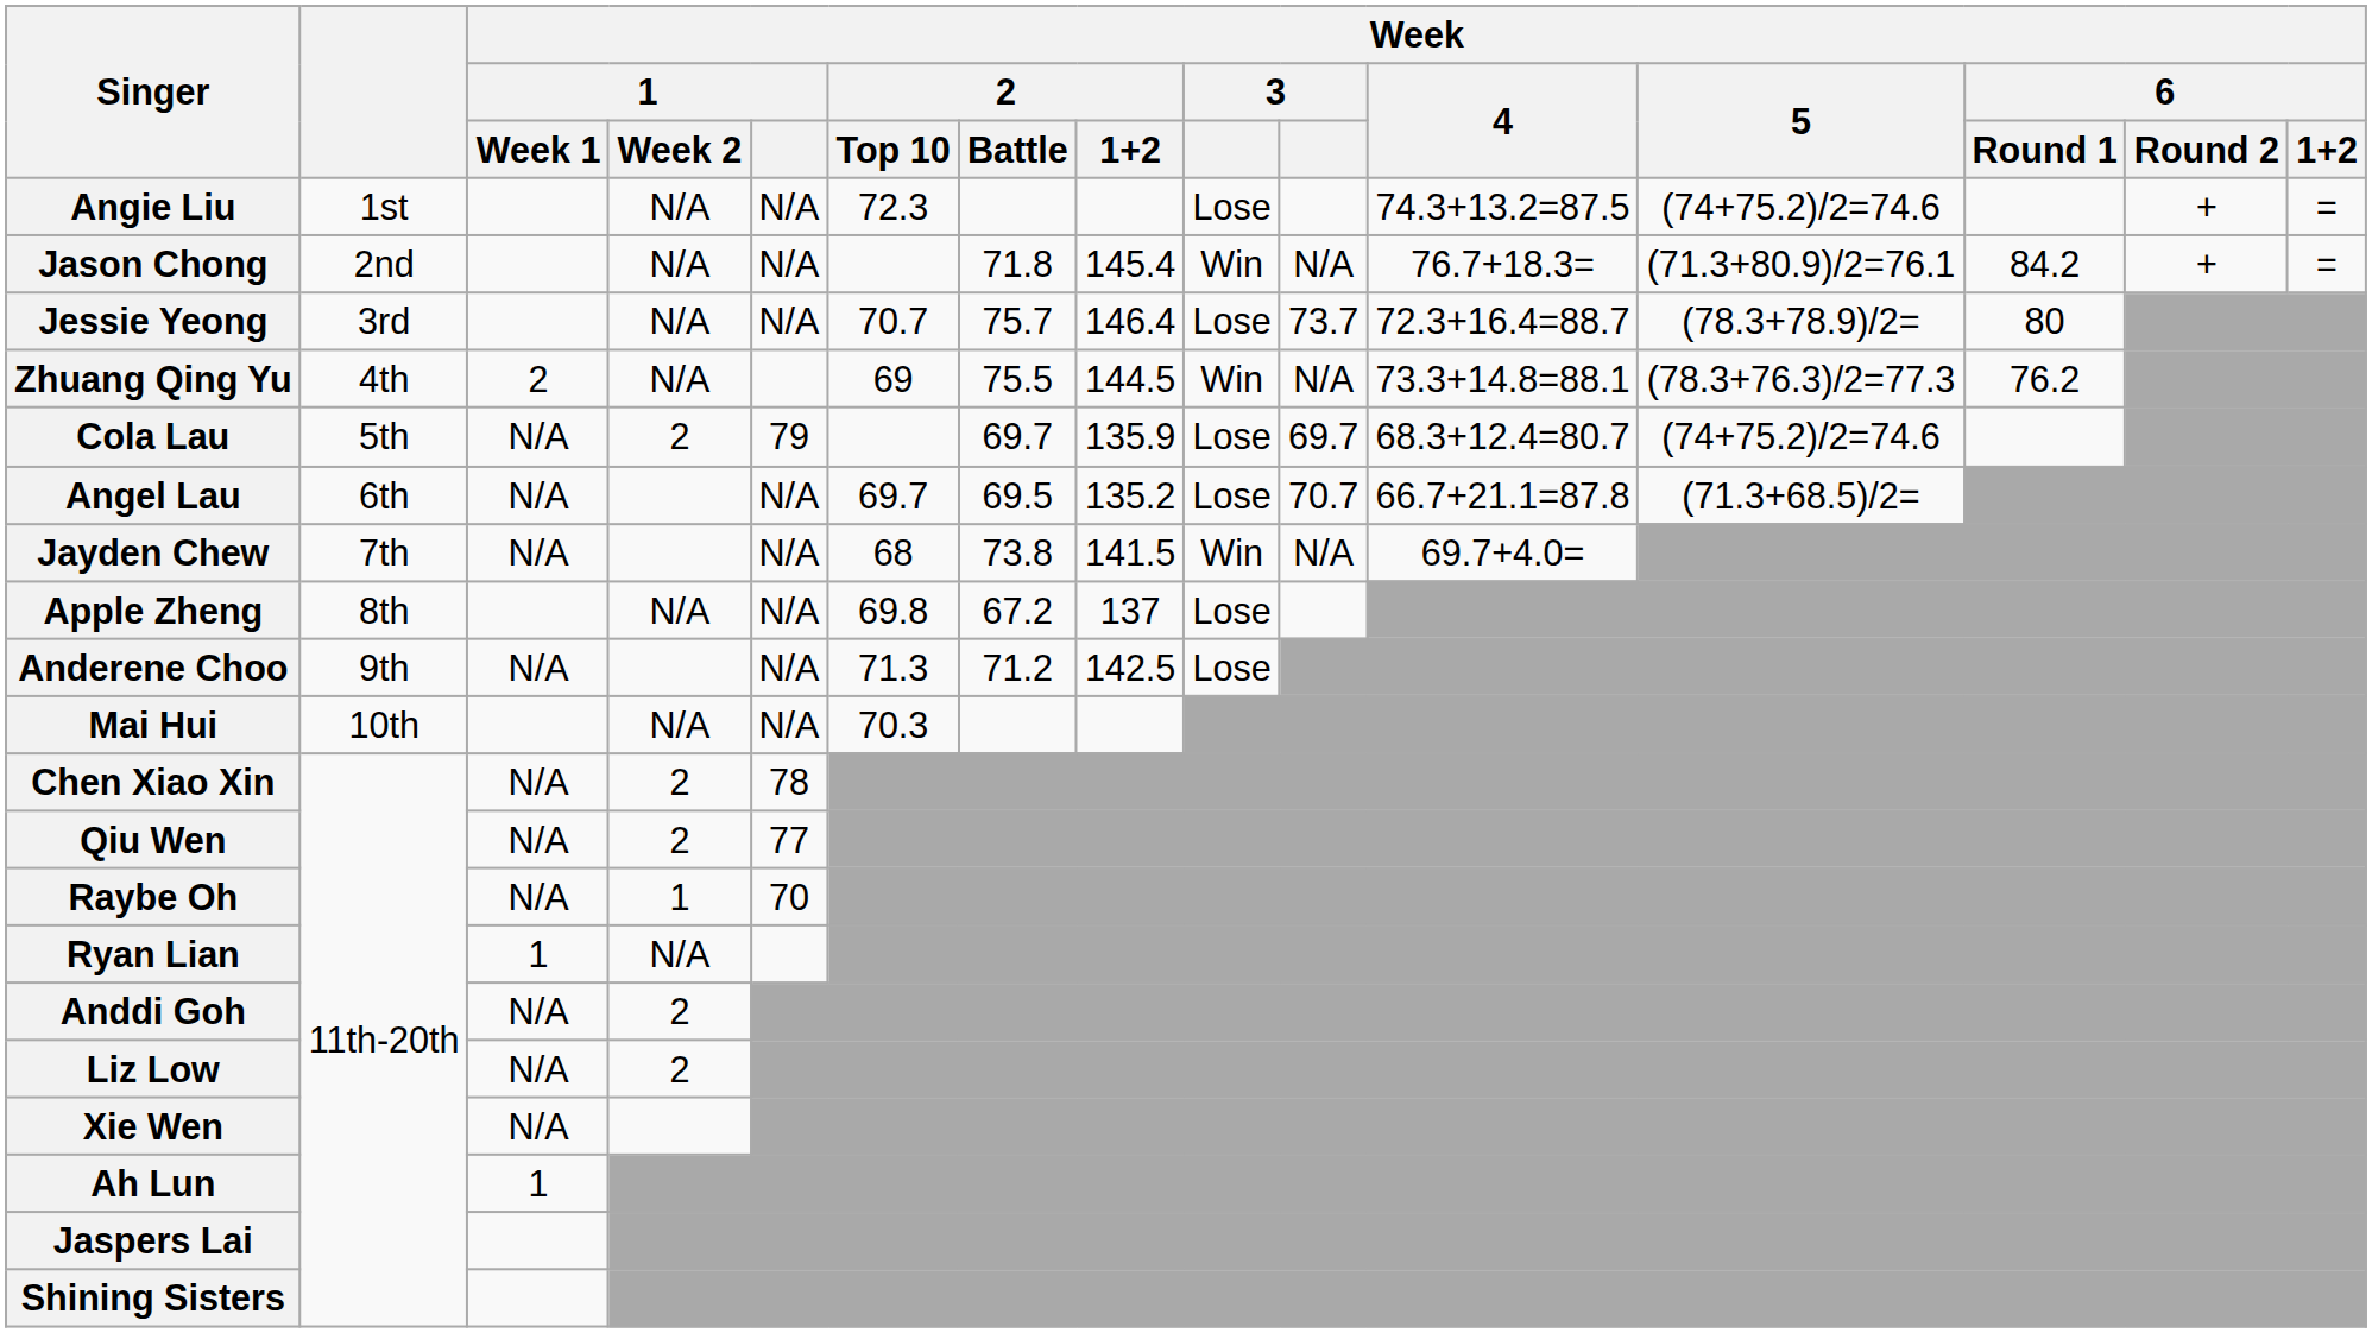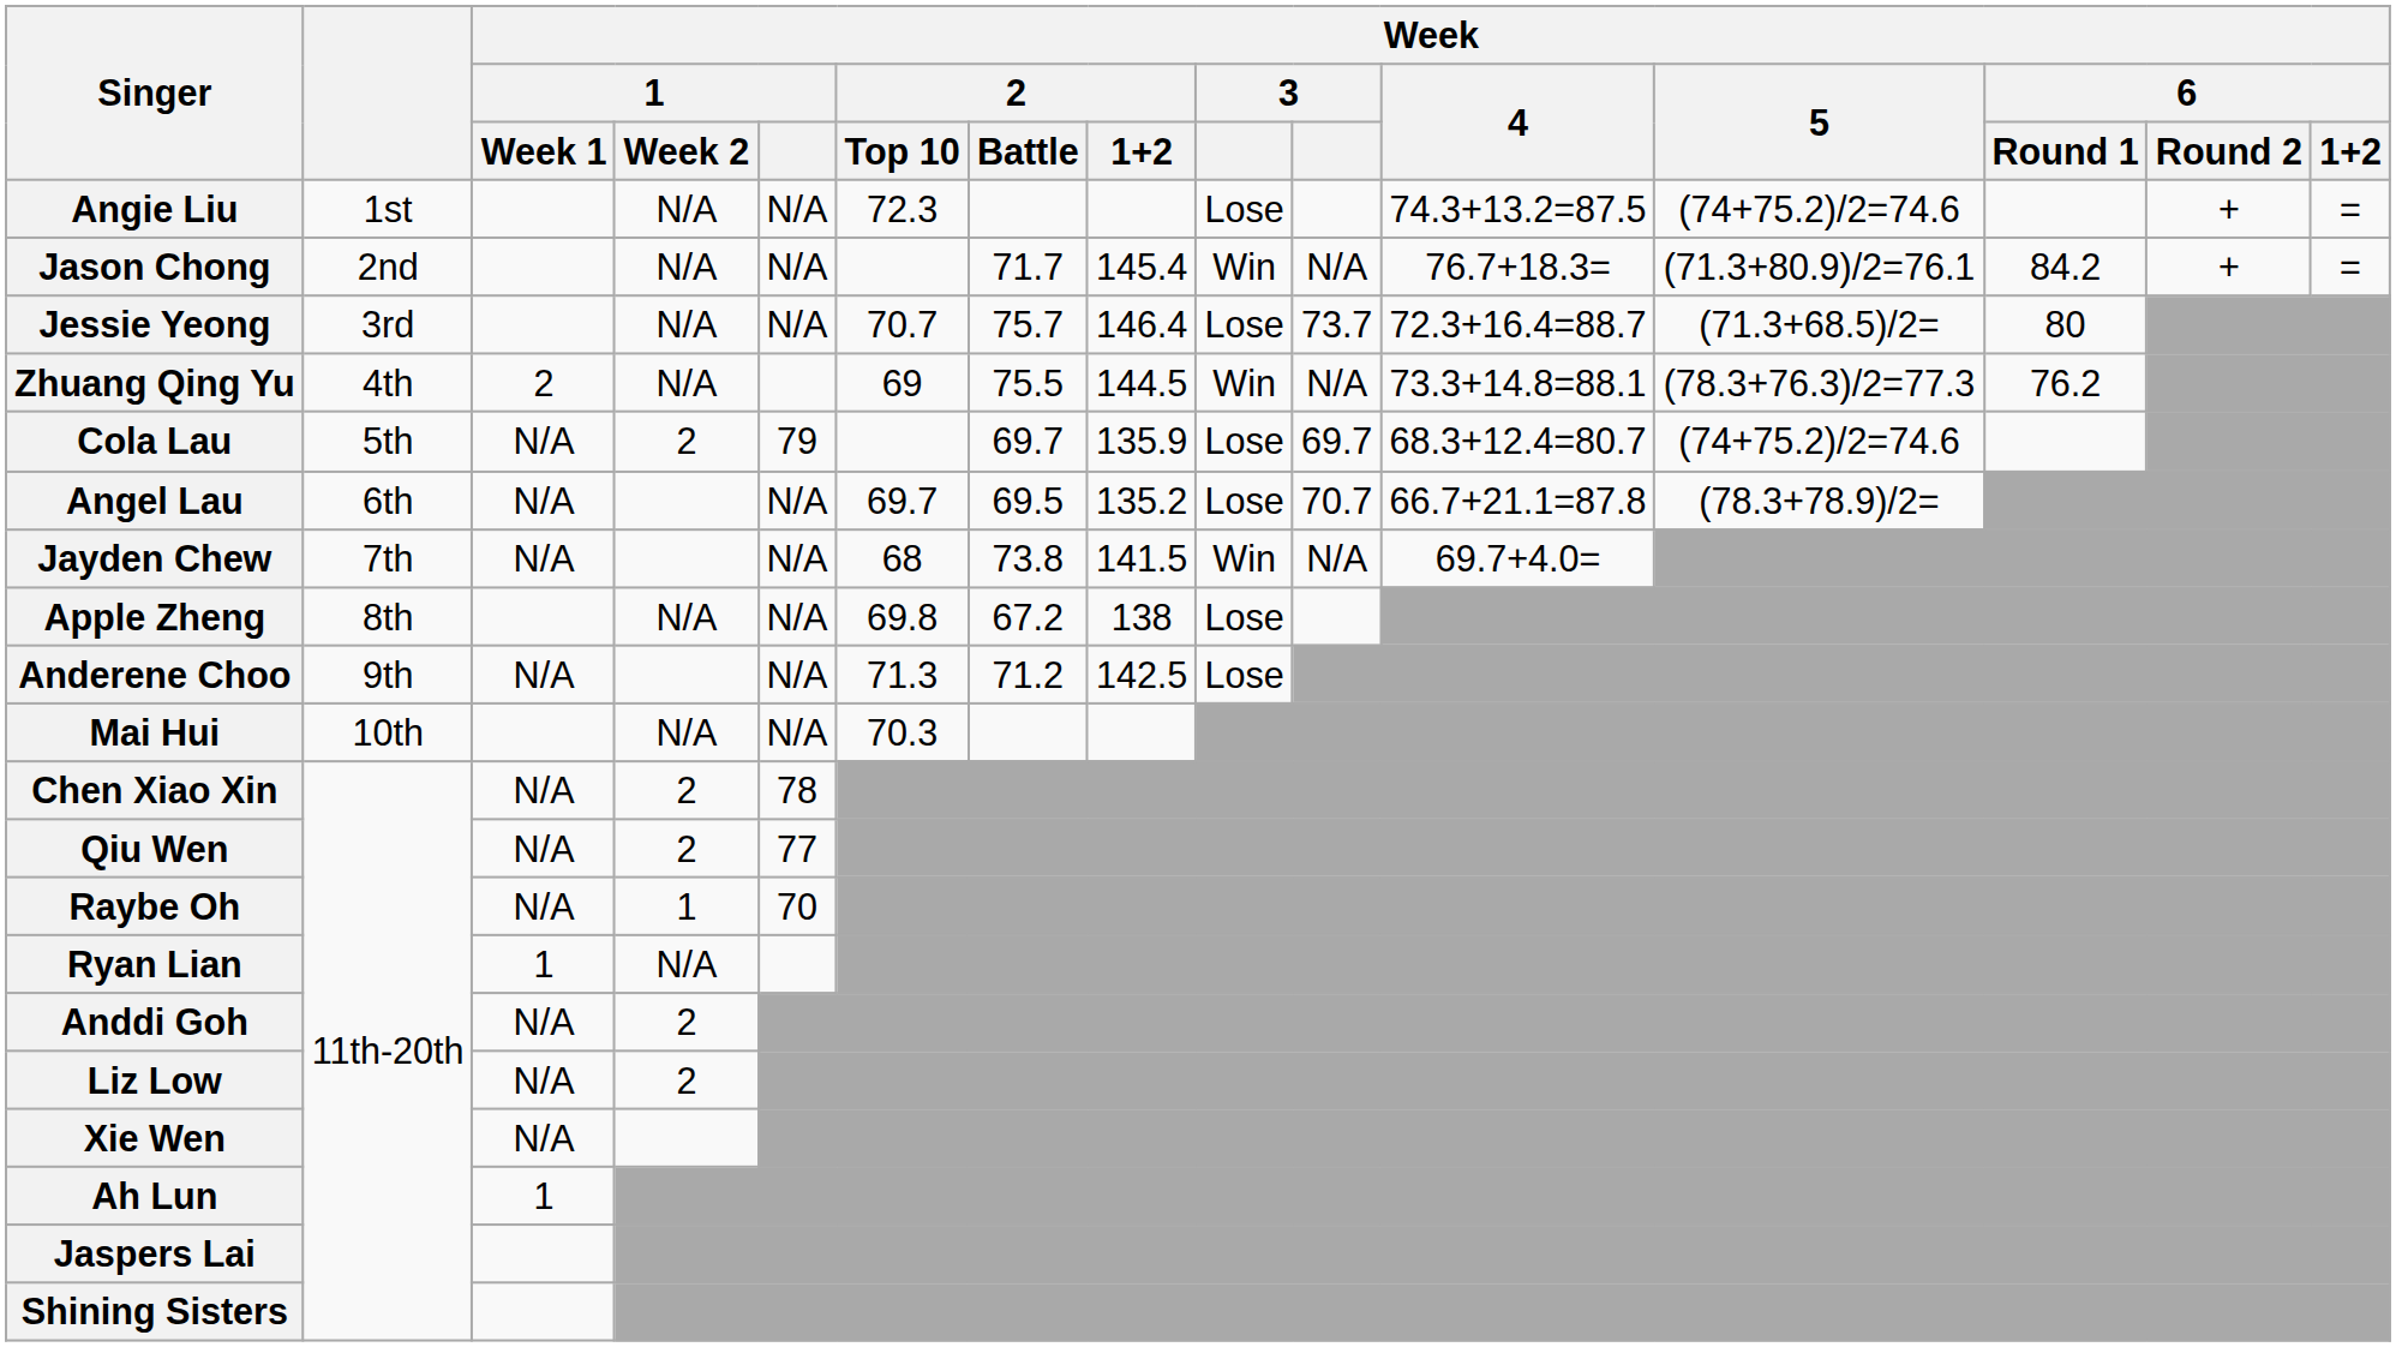 <table class="wikitable sortable" style="text-align:center; font-size:95%">
 <tr>
 <th scope="col" rowspan="3" style="text-align:center;">Singer</th>
 <th scope="col" rowspan="3" style="text-align:center;"></th>
 <th colspan="15" style="text-align:center;">Week</th>
 </tr>
 <tr>
 <th colspan="3" scope="col">1</th>
 <th colspan="3" scope="col">2</th>
 <th colspan="2" scope="col">3</th>
 <th rowspan="2" scope="col">4</th>
 <th rowspan="2" scope="col">5</th>
 <th colspan="3" scope="col">6</th>
 </tr>
 <tr>
 <th scope="col">Week 1</th>
 <th scope="col">Week 2</th>
 <th scope="col"></th>
 <th scope="col">Top 10</th>
 <th scope="col">Battle</th>
 <th scope="col">1+2</th>
 <th scope="col"></th>
 <th scope="col"></th>
 <th scope="col">Round 1</th>
 <th scope="col">Round 2</th>
 <th scope="col">1+2</th>
 </tr>
 <tr>
 <th>Angie Liu</th>
 <td>1st</td>
 <td> </td>
 <td>N/A</td>
 <td>N/A</td>
 <td> 72.3</td>
 <td> </td>
 <td> </td>
 <td>Lose</td>
 <td> </td>
 <td> 74.3+13.2=87.5</td>
 <td> (74+75.2)/2=74.6</td>
 <td> </td>
 <td> +</td>
 <td>=</td>
 </tr>
 <tr>
 <th>Jason Chong</th>
 <td>2nd</td>
 <td> </td>
 <td>N/A</td>
 <td>N/A</td>
 <td> </td>
-<td>71.8</td>
+<td>71.7</td>
 <td>145.4</td>
 <td> Win</td>
 <td>N/A</td>
 <td> 76.7+18.3=</td>
 <td> (71.3+80.9)/2=76.1</td>
 <td> 84.2</td>
 <td> +</td>
 <td>=</td>
 </tr>
 <tr>
 <th>Jessie Yeong</th>
 <td>3rd</td>
 <td> </td>
 <td>N/A</td>
 <td>N/A</td>
 <td> 70.7</td>
 <td> 75.7</td>
 <td>146.4</td>
 <td>Lose</td>
 <td> 73.7</td>
 <td> 72.3+16.4=88.7</td>
-<td> (78.3+78.9)/2=</td>
+<td>(71.3+68.5)/2=</td>
 <td>80</td>
 <td colspan="15" bgcolor=darkgray></td>
 </tr>
 <tr>
 <th>Zhuang Qing Yu</th>
 <td>4th</td>
 <td>2</td>
 <td>N/A</td>
 <td> </td>
 <td> 69</td>
 <td> 75.5</td>
 <td> 144.5</td>
 <td> Win</td>
 <td>N/A</td>
 <td> 73.3+14.8=88.1</td>
 <td> (78.3+76.3)/2=77.3</td>
 <td>76.2</td>
 <td colspan="15" bgcolor=darkgray></td>
 </tr>
 <tr>
 <th>Cola Lau</th>
 <td>5th</td>
 <td>N/A</td>
 <td>2</td>
 <td> 79</td>
 <td> </td>
 <td>69.7</td>
 <td>135.9</td>
 <td>Lose</td>
 <td> 69.7</td>
 <td> 68.3+12.4=80.7</td>
 <td> (74+75.2)/2=74.6</td>
 <td></td>
 <td colspan="15" bgcolor=darkgray></td>
 </tr>
 <tr>
 <th>Angel Lau</th>
 <td>6th</td>
 <td>N/A</td>
 <td> </td>
 <td>N/A</td>
 <td> 69.7</td>
 <td> 69.5</td>
 <td> 135.2</td>
 <td>Lose</td>
 <td> 70.7</td>
 <td> 66.7+21.1=87.8</td>
-<td>(71.3+68.5)/2=</td>
+<td> (78.3+78.9)/2=</td>
 <td colspan="15" bgcolor=darkgray></td>
 </tr>
 <tr>
 <th>Jayden Chew</th>
 <td>7th</td>
 <td>N/A</td>
 <td> </td>
 <td>N/A</td>
 <td> 68</td>
 <td> 73.8</td>
 <td> 141.5</td>
 <td> Win</td>
 <td>N/A</td>
 <td>69.7+4.0=</td>
 <td colspan="15" bgcolor=darkgray></td>
 </tr>
 <tr>
 <th>Apple Zheng</th>
 <td>8th</td>
 <td> </td>
 <td>N/A</td>
 <td>N/A</td>
 <td> 69.8</td>
 <td>67.2</td>
-<td>137</td>
+<td>138</td>
 <td>Lose</td>
 <td></td>
 <td colspan="15" bgcolor=darkgray></td>
 </tr>
 <tr>
 <th>Anderene Choo</th>
 <td>9th</td>
 <td>N/A</td>
 <td> </td>
 <td>N/A</td>
 <td> 71.3</td>
 <td>71.2</td>
 <td> 142.5</td>
 <td>Lose</td>
 <td colspan="15" bgcolor=darkgray></td>
 </tr>
 <tr>
 <th>Mai Hui</th>
 <td>10th</td>
 <td> </td>
 <td>N/A</td>
 <td>N/A</td>
 <td> 70.3</td>
 <td></td>
 <td></td>
 <td colspan="15" bgcolor=darkgray></td>
 </tr>
 <tr>
 <th>Chen Xiao Xin</th>
 <td rowspan=10>11th-20th</td>
 <td>N/A</td>
 <td>2</td>
 <td>78</td>
 <td colspan="15" bgcolor=darkgray></td>
 </tr>
 <tr>
 <th>Qiu Wen</th>
 <td>N/A</td>
 <td>2</td>
 <td>77</td>
 <td colspan="15" bgcolor=darkgray></td>
 </tr>
 <tr>
 <th>Raybe Oh</th>
 <td>N/A</td>
 <td>1</td>
 <td>70</td>
 <td colspan="15" bgcolor=darkgray></td>
 </tr>
 <tr>
 <th>Ryan Lian</th>
 <td>1</td>
 <td>N/A</td>
 <td></td>
 <td colspan="15" bgcolor=darkgray></td>
 </tr>
 <tr>
 <th>Anddi Goh</th>
 <td>N/A</td>
 <td>2</td>
 <td colspan="15" bgcolor=darkgray></td>
 </tr>
 <tr>
 <th>Liz Low</th>
 <td>N/A</td>
 <td>2</td>
 <td colspan="15" bgcolor=darkgray></td>
 </tr>
 <tr>
 <th>Xie Wen</th>
 <td>N/A</td>
 <td></td>
 <td colspan="15" bgcolor=darkgray></td>
 </tr>
 <tr>
 <th>Ah Lun</th>
 <td>1</td>
 <td colspan="15" bgcolor=darkgray></td>
 </tr>
 <tr>
 <th>Jaspers Lai</th>
 <td></td>
 <td colspan="15" bgcolor=darkgray></td>
 </tr>
 <tr>
 <th>Shining Sisters</th>
 <td></td>
 <td colspan="15" bgcolor=darkgray></td>
 </tr>
 </table>
